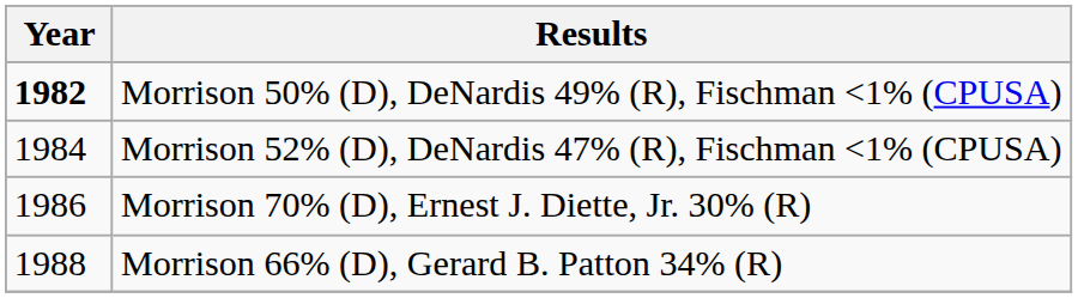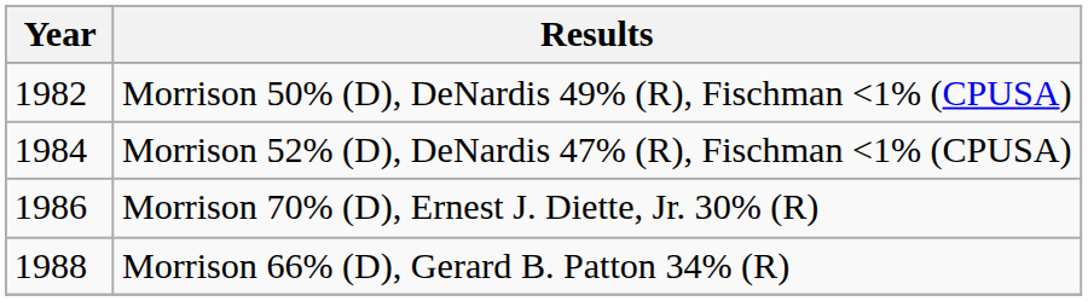 <table class="wikitable">
 <tr>
 <th align="left" valign="top" width="40">Year</th>
 <th align="left" valign="top">Results</th>
 </tr>
 <tr>
-<td align="left" valign="top"><strong>1982</strong></td>
+<td align="left" valign="top">1982</td>
 <td align="left" valign="top">Morrison 50% (D), DeNardis 49% (R), Fischman <1% (<a href='#'>CPUSA</a>)</td>
 </tr>
 <tr>
 <td align="left" valign="top">1984</td>
 <td align="left" valign="top">Morrison 52% (D), DeNardis 47% (R), Fischman <1% (CPUSA)</td>
 </tr>
 <tr>
 <td align="left" valign="top">1986</td>
 <td align="left" valign="top">Morrison 70% (D), Ernest J. Diette, Jr. 30% (R)</td>
 </tr>
 <tr>
 <td align="left" valign="top">1988</td>
 <td align="left" valign="top">Morrison 66% (D), Gerard B. Patton 34% (R)</td>
 </tr>
 <tr>
 </tr>
 </table>
